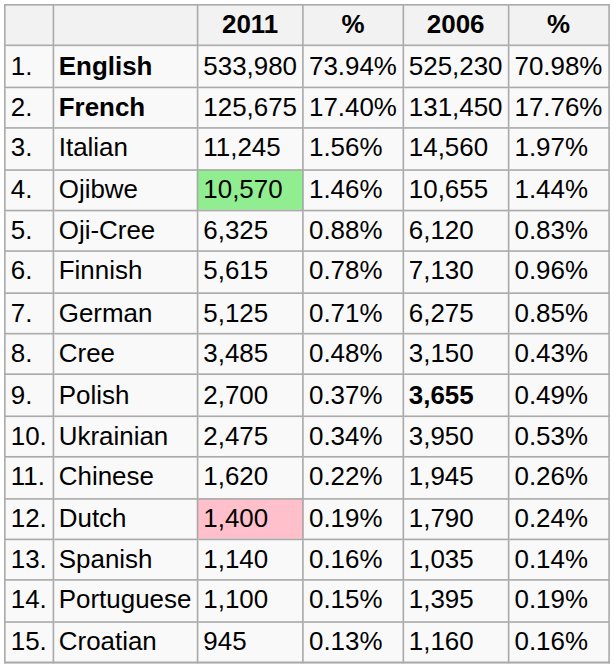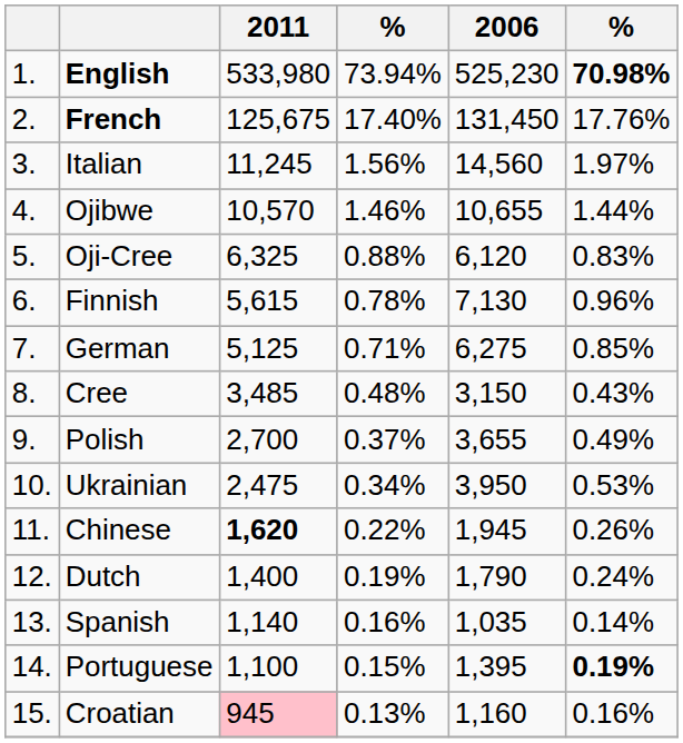 <table class="wikitable">
 <tr>
 <th></th>
 <th></th>
 <th>2011</th>
 <th>%</th>
 <th>2006</th>
 <th>%</th>
 </tr>
 <tr>
 <td>1.</td>
 <td><strong>English</strong></td>
 <td>533,980</td>
 <td>73.94%</td>
 <td>525,230</td>
-<td>70.98%</td>
+<td><strong>70.98%</strong></td>
 </tr>
 <tr>
 <td>2.</td>
 <td><strong>French</strong></td>
 <td>125,675</td>
 <td>17.40%</td>
 <td>131,450</td>
 <td>17.76%</td>
 </tr>
 <tr>
 <td>3.</td>
 <td>Italian</td>
 <td>11,245</td>
 <td>1.56%</td>
 <td>14,560</td>
 <td>1.97%</td>
 </tr>
 <tr>
 <td>4.</td>
 <td>Ojibwe</td>
-<td style="background: lightgreen;">10,570</td>
+<td>10,570</td>
 <td>1.46%</td>
 <td>10,655</td>
 <td>1.44%</td>
 </tr>
 <tr>
 <td>5.</td>
 <td>Oji-Cree</td>
 <td>6,325</td>
 <td>0.88%</td>
 <td>6,120</td>
 <td>0.83%</td>
 </tr>
 <tr>
 <td>6.</td>
 <td>Finnish</td>
 <td>5,615</td>
 <td>0.78%</td>
 <td>7,130</td>
 <td>0.96%</td>
 </tr>
 <tr>
 <td>7.</td>
 <td>German</td>
 <td>5,125</td>
 <td>0.71%</td>
 <td>6,275</td>
 <td>0.85%</td>
 </tr>
 <tr>
 <td>8.</td>
 <td>Cree</td>
 <td>3,485</td>
 <td>0.48%</td>
 <td>3,150</td>
 <td>0.43%</td>
 </tr>
 <tr>
 <td>9.</td>
 <td>Polish</td>
 <td>2,700</td>
 <td>0.37%</td>
-<td><strong>3,655</strong></td>
+<td>3,655</td>
 <td>0.49%</td>
 </tr>
 <tr>
 <td>10.</td>
 <td>Ukrainian</td>
 <td>2,475</td>
 <td>0.34%</td>
 <td>3,950</td>
 <td>0.53%</td>
 </tr>
 <tr>
 <td>11.</td>
 <td>Chinese</td>
-<td>1,620</td>
+<td><strong>1,620</strong></td>
 <td>0.22%</td>
 <td>1,945</td>
 <td>0.26%</td>
 </tr>
 <tr>
 <td>12.</td>
 <td>Dutch</td>
-<td style="background: pink;">1,400</td>
+<td>1,400</td>
 <td>0.19%</td>
 <td>1,790</td>
 <td>0.24%</td>
 </tr>
 <tr>
 <td>13.</td>
 <td>Spanish</td>
 <td>1,140</td>
 <td>0.16%</td>
 <td>1,035</td>
 <td>0.14%</td>
 </tr>
 <tr>
 <td>14.</td>
 <td>Portuguese</td>
 <td>1,100</td>
 <td>0.15%</td>
 <td>1,395</td>
-<td>0.19%</td>
+<td><strong>0.19%</strong></td>
 </tr>
 <tr>
 <td>15.</td>
 <td>Croatian</td>
-<td>945</td>
+<td style="background: pink;">945</td>
 <td>0.13%</td>
 <td>1,160</td>
 <td>0.16%</td>
 </tr>
 <tr>
 </tr>
 </table>
